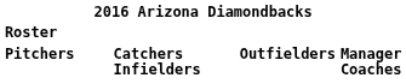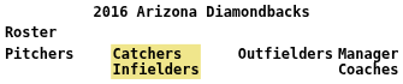 <table class="toccolours" style="font-size: 95%;">
 <tr>
 <th colspan="10">2016 Arizona Diamondbacks</th>
 </tr>
 <tr>
 <td colspan="10"><strong>Roster</strong></td>
 </tr>
 <tr>
 <td valign="top"><strong>Pitchers</strong><br>                            </td>
 <td width="25px"></td>
-<td valign="top"><strong>Catchers</strong><br>    <strong>Infielders</strong>      </td>
+<td valign="top" style="background: khaki;"><strong>Catchers</strong><br>    <strong>Infielders</strong>      </td>
 <td width="25px"></td>
 <td valign="top"><strong>Outfielders</strong><br>          </td>
 <td valign="top"><strong>Manager</strong><br> <strong>Coaches</strong>                    </td>
 </tr>
 <tr>
 </tr>
 </table>
